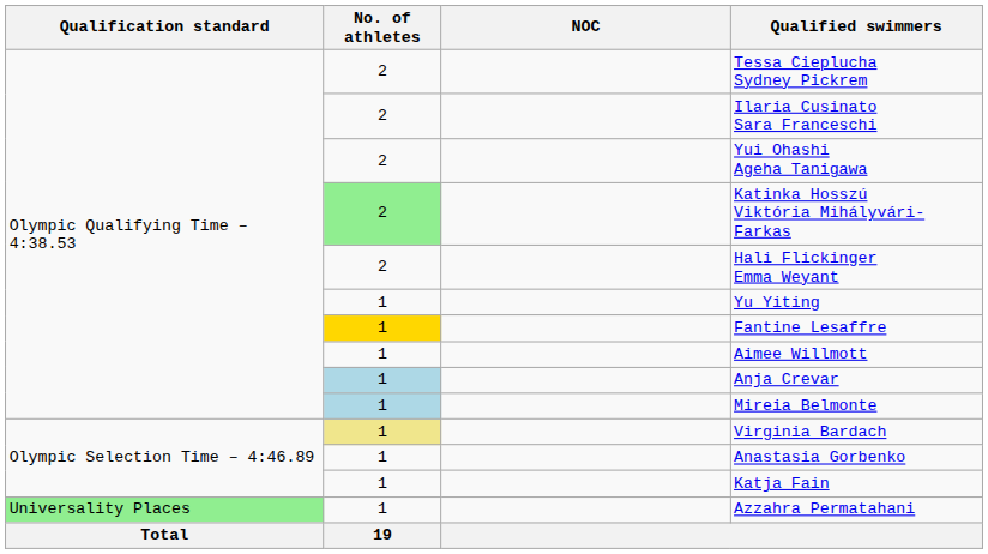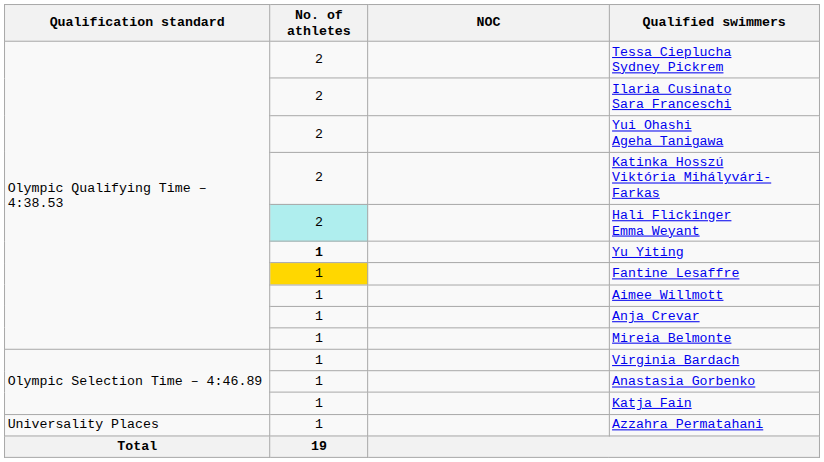 <table class=wikitable style="text-align:left" width=800>
 <tr>
 <th>Qualification standard</th>
 <th width=90>No. of athletes</th>
 <th width=230>NOC</th>
 <th>Qualified swimmers</th>
 </tr>
 <tr>
 <td rowspan=10>Olympic Qualifying Time – 4:38.53</td>
 <td align=center>2</td>
 <td></td>
 <td><a href='#'>Tessa Cieplucha</a><br><a href='#'>Sydney Pickrem</a></td>
 </tr>
 <tr>
 <td align=center>2</td>
 <td></td>
 <td><a href='#'>Ilaria Cusinato</a><br><a href='#'>Sara Franceschi</a></td>
 </tr>
 <tr>
 <td align=center>2</td>
 <td></td>
 <td><a href='#'>Yui Ohashi</a><br><a href='#'>Ageha Tanigawa</a></td>
 </tr>
 <tr>
-<td align=center style="background: lightgreen;">2</td>
+<td align=center>2</td>
 <td></td>
 <td><a href='#'>Katinka Hosszú</a><br><a href='#'>Viktória Mihályvári-Farkas</a></td>
 </tr>
 <tr>
-<td align=center>2</td>
+<td align=center style="background: paleturquoise;">2</td>
 <td></td>
 <td><a href='#'>Hali Flickinger</a><br><a href='#'>Emma Weyant</a></td>
 </tr>
 <tr>
-<td align=center>1</td>
+<td align=center><strong>1</strong></td>
 <td></td>
 <td><a href='#'>Yu Yiting</a></td>
 </tr>
 <tr>
 <td align=center style="background: gold;">1</td>
 <td></td>
 <td><a href='#'>Fantine Lesaffre</a></td>
 </tr>
 <tr>
 <td align=center>1</td>
 <td></td>
 <td><a href='#'>Aimee Willmott</a></td>
 </tr>
 <tr>
-<td align=center style="background: lightblue;">1</td>
+<td align=center>1</td>
 <td></td>
 <td><a href='#'>Anja Crevar</a></td>
 </tr>
 <tr>
-<td align=center style="background: lightblue;">1</td>
+<td align=center>1</td>
 <td></td>
 <td><a href='#'>Mireia Belmonte</a></td>
 </tr>
 <tr>
 <td rowspan=3>Olympic Selection Time – 4:46.89</td>
-<td align=center style="background: khaki;">1</td>
+<td align=center>1</td>
 <td></td>
 <td><a href='#'>Virginia Bardach</a></td>
 </tr>
 <tr>
 <td align=center>1</td>
 <td></td>
 <td><a href='#'>Anastasia Gorbenko</a></td>
 </tr>
 <tr>
 <td align=center>1</td>
 <td></td>
 <td><a href='#'>Katja Fain</a></td>
 </tr>
 <tr>
-<td style="background: lightgreen;">Universality Places</td>
+<td>Universality Places</td>
 <td align=center>1</td>
 <td></td>
 <td><a href='#'>Azzahra Permatahani</a></td>
 </tr>
 <tr>
 <th><strong>Total</strong></th>
 <th>19</th>
 <th colspan=2></th>
 </tr>
 </table>
